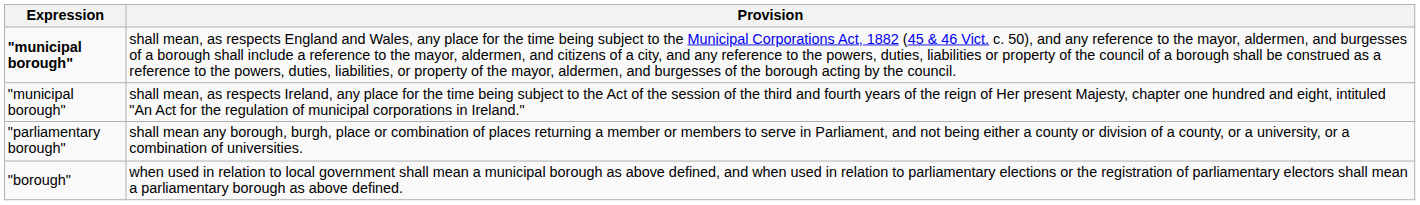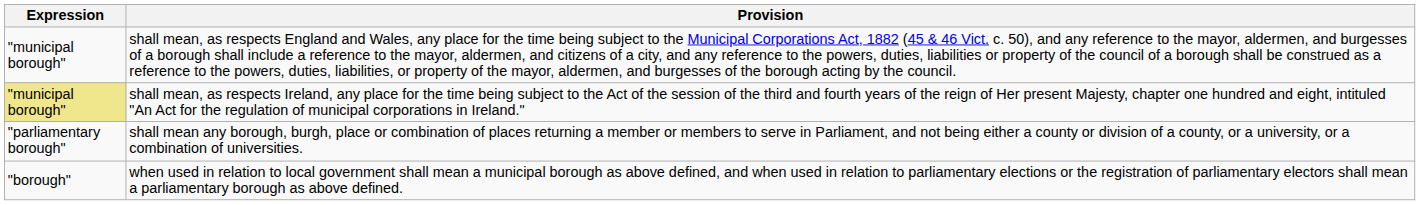 <table class="wikitable">
 <tr>
 <th>Expression</th>
 <th>Provision</th>
 </tr>
 <tr>
-<td><strong>"municipal borough"</strong></td>
+<td>"municipal borough"</td>
 <td>shall mean, as respects England and Wales, any place for the time being subject to the <a href='#'>Municipal Corporations Act, 1882</a> (<a href='#'>45 & 46 Vict.</a> c. 50), and any reference to the mayor, aldermen, and burgesses of a borough shall include a reference to the mayor, aldermen, and citizens of a city, and any reference to the powers, duties, liabilities or property of the council of a borough shall be construed as a reference to the powers, duties, liabilities, or property of the mayor, aldermen, and burgesses of the borough acting by the council.</td>
 </tr>
 <tr>
-<td>"municipal borough"</td>
+<td style="background: khaki;">"municipal borough"</td>
 <td>shall mean, as respects Ireland, any place for the time being subject to the Act of the session of the third and fourth years of the reign of Her present Majesty, chapter one hundred and eight, intituled "An Act for the regulation of municipal corporations in Ireland."</td>
 </tr>
 <tr>
 <td>"parliamentary borough"</td>
 <td>shall mean any borough, burgh, place or combination of places returning a member or members to serve in Parliament, and not being either a county or division of a county, or a university, or a combination of universities.</td>
 </tr>
 <tr>
 <td>"borough"</td>
 <td>when used in relation to local government shall mean a municipal borough as above defined, and when used in relation to parliamentary elections or the registration of parliamentary electors shall mean a parliamentary borough as above defined.</td>
 </tr>
 </table>
